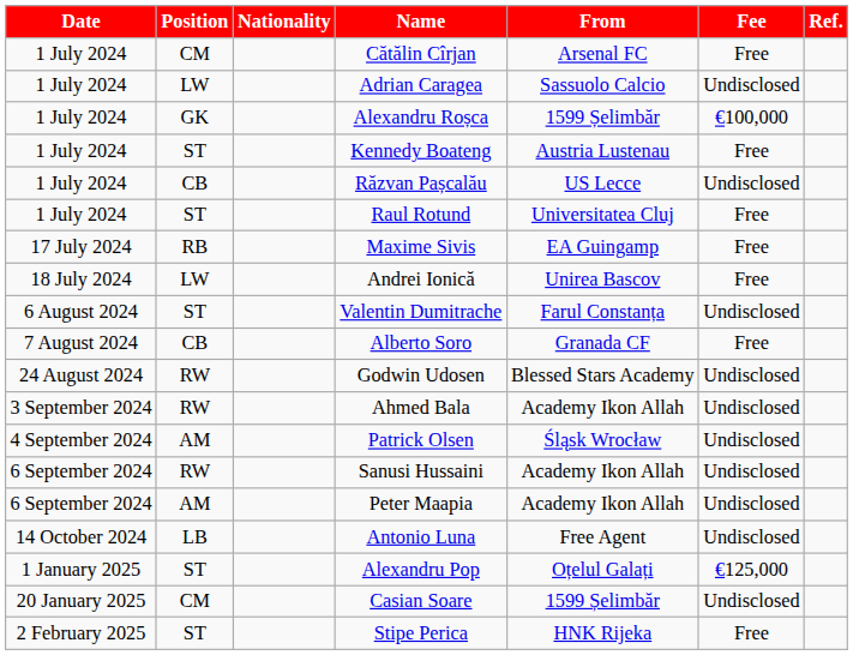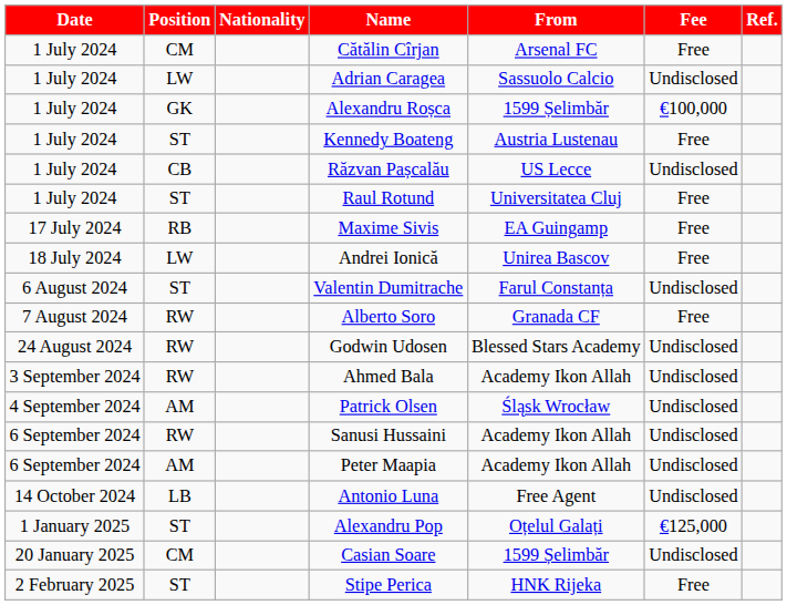 <table class="wikitable"  style="text-align:center; font-size:90%; ">
 <tr>
 <th style="background:red;color:white;">Date</th>
 <th style="background:red;color:white;">Position</th>
 <th style="background:red;color:white;">Nationality</th>
 <th style="background:red;color:white;">Name</th>
 <th style="background:red;color:white;">From</th>
 <th style="background:red;color:white;">Fee</th>
 <th style="background:red;color:white;">Ref.</th>
 </tr>
 <tr>
 <td>1 July 2024</td>
 <td>CM</td>
 <td></td>
 <td><a href='#'>Cătălin Cîrjan</a></td>
 <td> <a href='#'>Arsenal FC</a></td>
 <td>Free</td>
 <td></td>
 </tr>
 <tr>
 <td>1 July 2024</td>
 <td>LW</td>
 <td></td>
 <td><a href='#'>Adrian Caragea</a></td>
 <td> <a href='#'>Sassuolo Calcio</a></td>
 <td>Undisclosed</td>
 <td></td>
 </tr>
 <tr>
 <td>1 July 2024</td>
 <td>GK</td>
 <td></td>
 <td><a href='#'>Alexandru Roșca</a></td>
 <td><a href='#'>1599 Șelimbăr</a></td>
 <td><a href='#'>€</a>100,000</td>
 <td></td>
 </tr>
 <tr>
 <td>1 July 2024</td>
 <td>ST</td>
 <td></td>
 <td><a href='#'>Kennedy Boateng</a></td>
 <td> <a href='#'>Austria Lustenau</a></td>
 <td>Free</td>
 <td></td>
 </tr>
 <tr>
 <td>1 July 2024</td>
 <td>CB</td>
 <td></td>
 <td><a href='#'>Răzvan Pașcalău</a></td>
 <td> <a href='#'>US Lecce</a></td>
 <td>Undisclosed</td>
 <td></td>
 </tr>
 <tr>
 <td>1 July 2024</td>
 <td>ST</td>
 <td></td>
 <td><a href='#'>Raul Rotund</a></td>
 <td><a href='#'>Universitatea Cluj</a></td>
 <td>Free</td>
 <td></td>
 </tr>
 <tr>
 <td>17 July 2024</td>
 <td>RB</td>
 <td></td>
 <td><a href='#'>Maxime Sivis</a></td>
 <td> <a href='#'>EA Guingamp</a></td>
 <td>Free</td>
 <td></td>
 </tr>
 <tr>
 <td>18 July 2024</td>
 <td>LW</td>
 <td></td>
 <td>Andrei Ionică</td>
 <td><a href='#'>Unirea Bascov</a></td>
 <td>Free</td>
 <td></td>
 </tr>
 <tr>
 <td>6 August 2024</td>
 <td>ST</td>
 <td></td>
 <td><a href='#'>Valentin Dumitrache</a></td>
 <td><a href='#'>Farul Constanța</a></td>
 <td>Undisclosed</td>
 <td></td>
 </tr>
 <tr>
 <td>7 August 2024</td>
-<td>CB</td>
+<td>RW</td>
 <td></td>
 <td><a href='#'>Alberto Soro</a></td>
 <td> <a href='#'>Granada CF</a></td>
 <td>Free</td>
 <td></td>
 </tr>
 <tr>
 <td>24 August 2024</td>
 <td>RW</td>
 <td></td>
 <td>Godwin Udosen</td>
 <td> Blessed Stars Academy</td>
 <td>Undisclosed</td>
 <td></td>
 </tr>
 <tr>
 <td>3 September 2024</td>
 <td>RW</td>
 <td></td>
 <td>Ahmed Bala</td>
 <td> Academy Ikon Allah</td>
 <td>Undisclosed</td>
 <td></td>
 </tr>
 <tr>
 <td>4 September 2024</td>
 <td>AM</td>
 <td></td>
 <td><a href='#'>Patrick Olsen</a></td>
 <td> <a href='#'>Śląsk Wrocław</a></td>
 <td>Undisclosed</td>
 <td></td>
 </tr>
 <tr>
 <td>6 September 2024</td>
 <td>RW</td>
 <td></td>
 <td>Sanusi Hussaini</td>
 <td> Academy Ikon Allah</td>
 <td>Undisclosed</td>
 <td></td>
 </tr>
 <tr>
 <td>6 September 2024</td>
 <td>AM</td>
 <td></td>
 <td>Peter Maapia</td>
 <td> Academy Ikon Allah</td>
 <td>Undisclosed</td>
 <td></td>
 </tr>
 <tr>
 <td>14 October 2024</td>
 <td>LB</td>
 <td></td>
 <td><a href='#'>Antonio Luna</a></td>
 <td>Free Agent</td>
 <td>Undisclosed</td>
 <td></td>
 </tr>
 <tr>
 <td>1 January 2025</td>
 <td>ST</td>
 <td></td>
 <td><a href='#'>Alexandru Pop</a></td>
 <td><a href='#'>Oțelul Galați</a></td>
 <td><a href='#'>€</a>125,000</td>
 <td></td>
 </tr>
 <tr>
 <td>20 January 2025</td>
 <td>CM</td>
 <td></td>
 <td><a href='#'>Casian Soare</a></td>
 <td><a href='#'>1599 Șelimbăr</a></td>
 <td>Undisclosed</td>
 <td></td>
 </tr>
 <tr>
 <td>2 February 2025</td>
 <td>ST</td>
 <td></td>
 <td><a href='#'>Stipe Perica</a></td>
 <td> <a href='#'>HNK Rijeka</a></td>
 <td>Free</td>
 <td></td>
 </tr>
 </table>
